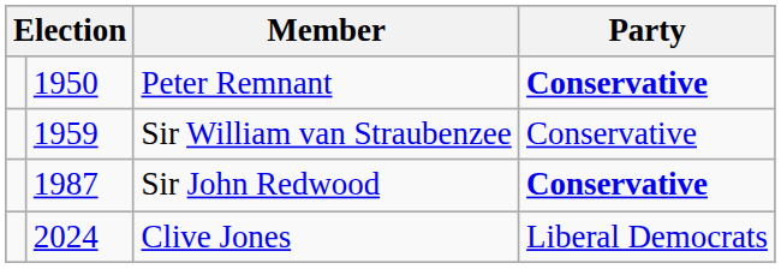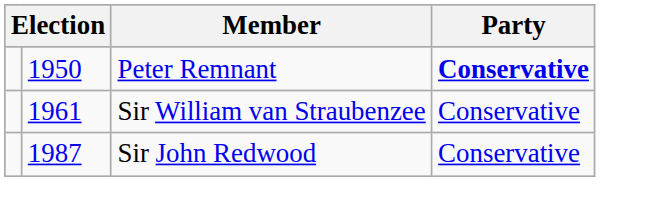 <table class="wikitable">
 <tr>
 <th colspan="2">Election</th>
 <th>Member</th>
 <th>Party</th>
 </tr>
 <tr>
 <td style="color:inherit;background-color: "></td>
 <td><a href='#'>1950</a></td>
 <td><a href='#'>Peter Remnant</a></td>
 <td><strong><a href='#'>Conservative</a></strong></td>
 </tr>
 <tr>
 <td style="color:inherit;background-color: "></td>
-<td><a href='#'>1959</a></td>
+<td><a href='#'>1961</a></td>
 <td>Sir <a href='#'>William van Straubenzee</a></td>
 <td><a href='#'>Conservative</a></td>
 </tr>
 <tr>
 <td style="color:inherit;background-color: "></td>
 <td><a href='#'>1987</a></td>
 <td>Sir <a href='#'>John Redwood</a></td>
-<td><strong><a href='#'>Conservative</a></strong></td>
-</tr>
-<tr>
-<td style="color:inherit;background-color: "></td>
-<td><a href='#'>2024</a></td>
-<td><a href='#'>Clive Jones</a></td>
-<td><a href='#'>Liberal Democrats</a></td>
+<td><a href='#'>Conservative</a></td>
 </tr>
 </table>
